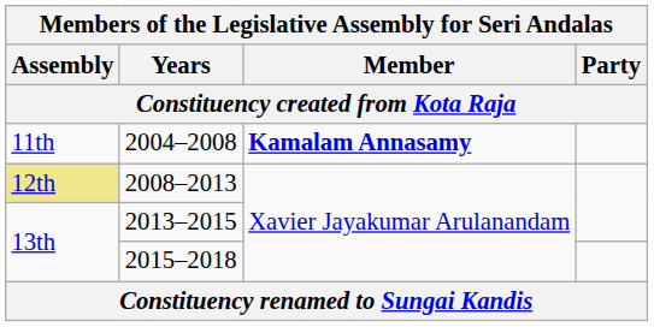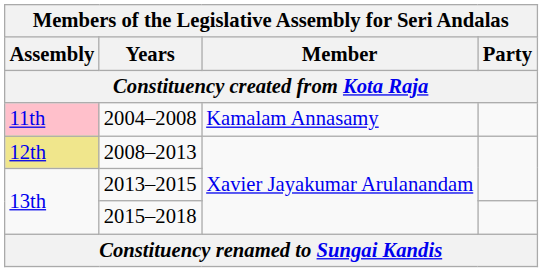 <table class="wikitable">
 <tr>
 <th colspan="4">Members of the Legislative Assembly for Seri Andalas</th>
 </tr>
 <tr>
 <th>Assembly</th>
 <th>Years</th>
 <th>Member</th>
 <th>Party</th>
 </tr>
 <tr>
 <th colspan="4" align="center"><em>Constituency created from <a href='#'>Kota Raja</a></em></th>
 </tr>
 <tr>
-<td><a href='#'>11th</a></td>
+<td style="background: pink;"><a href='#'>11th</a></td>
 <td>2004–2008</td>
-<td><strong><a href='#'>Kamalam Annasamy</a></strong></td>
+<td><a href='#'>Kamalam Annasamy</a></td>
 <td bgcolor=></td>
 </tr>
 <tr>
 <td style="background: khaki;"><a href='#'>12th</a></td>
 <td>2008–2013</td>
 <td rowspan=3><a href='#'>Xavier Jayakumar Arulanandam</a></td>
 <td rowspan=2 bgcolor=></td>
 </tr>
 <tr>
 <td rowspan=2><a href='#'>13th</a></td>
 <td>2013–2015</td>
 </tr>
 <tr>
 <td>2015–2018</td>
 <td bgcolor=></td>
 </tr>
 <tr>
 <th colspan="4" align="center"><em>Constituency renamed to <a href='#'>Sungai Kandis</a></em></th>
 </tr>
 </table>
